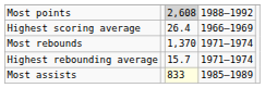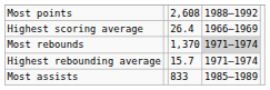 <table class="wikitable">
 <tr>
 </tr>
 <tr>
 <td>Most points</td>
 <td></td>
-<td style="background: lightgrey;">2,608</td>
+<td>2,608</td>
 <td>1988–1992</td>
 <td rowspan=5></td>
 </tr>
 <tr>
 <td>Highest scoring average</td>
 <td></td>
 <td>26.4</td>
 <td>1966–1969</td>
 </tr>
 <tr>
 <td>Most rebounds</td>
 <td></td>
 <td>1,370</td>
-<td>1971–1974</td>
+<td style="background: lightgrey;">1971–1974</td>
 </tr>
 <tr>
 <td>Highest rebounding average</td>
 <td></td>
 <td>15.7</td>
 <td>1971–1974</td>
 </tr>
 <tr>
 <td>Most assists</td>
 <td></td>
-<td style="background: lightyellow;">833</td>
+<td>833</td>
 <td>1985–1989</td>
 </tr>
 </table>
